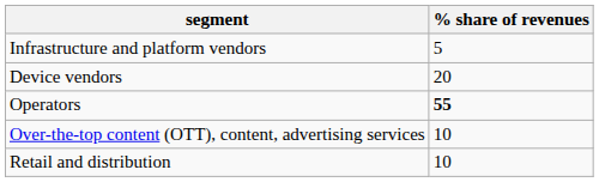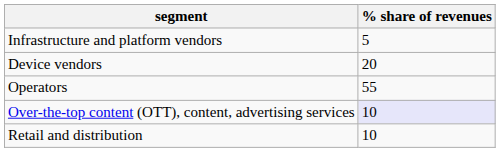 <table class="wikitable sortable">
 <tr>
 <th>segment</th>
 <th>% share of revenues</th>
 </tr>
 <tr>
 <td>Infrastructure and platform vendors</td>
 <td>5</td>
 </tr>
 <tr>
 <td>Device vendors</td>
 <td>20</td>
 </tr>
 <tr>
 <td>Operators</td>
-<td><strong>55</strong></td>
+<td>55</td>
 </tr>
 <tr>
 <td><a href='#'>Over-the-top content</a> (OTT), content, advertising services</td>
-<td>10</td>
+<td style="background: lavender;">10</td>
 </tr>
 <tr>
 <td>Retail and distribution</td>
 <td>10</td>
 </tr>
 </table>
